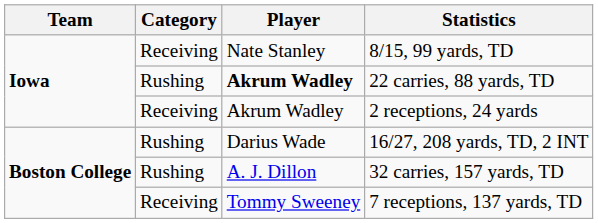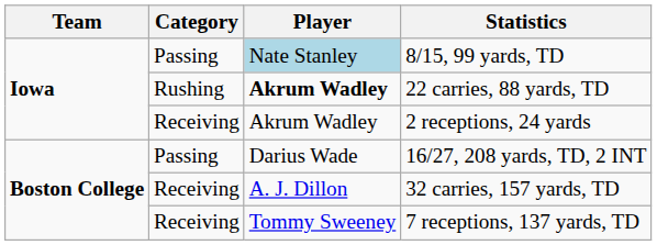 <table class="wikitable" style="float: left;">
 <tr>
 <th>Team</th>
 <th>Category</th>
 <th>Player</th>
 <th>Statistics</th>
 </tr>
 <tr>
 <td rowspan=3><strong>Iowa</strong></td>
-<td>Receiving</td>
-<td>Nate Stanley</td>
+<td>Passing</td>
+<td style="background: lightblue;">Nate Stanley</td>
 <td>8/15, 99 yards, TD</td>
 </tr>
 <tr>
 <td>Rushing</td>
 <td><strong>Akrum Wadley</strong></td>
 <td>22 carries, 88 yards, TD</td>
 </tr>
 <tr>
 <td>Receiving</td>
 <td>Akrum Wadley</td>
 <td>2 receptions, 24 yards</td>
 </tr>
 <tr>
 <td rowspan=3><strong>Boston College</strong></td>
-<td>Rushing</td>
+<td>Passing</td>
 <td>Darius Wade</td>
 <td>16/27, 208 yards, TD, 2 INT</td>
 </tr>
 <tr>
-<td>Rushing</td>
+<td>Receiving</td>
 <td><a href='#'>A. J. Dillon</a></td>
 <td>32 carries, 157 yards, TD</td>
 </tr>
 <tr>
 <td>Receiving</td>
 <td><a href='#'>Tommy Sweeney</a></td>
 <td>7 receptions, 137 yards, TD</td>
 </tr>
 </table>
